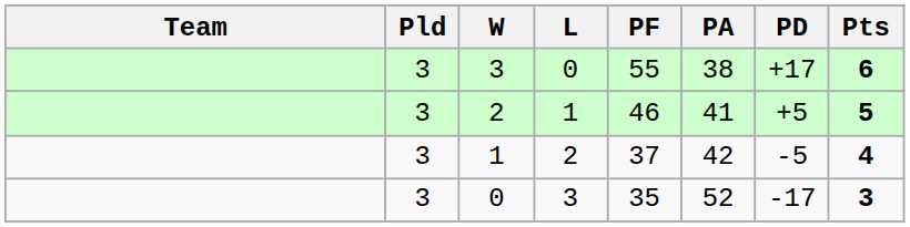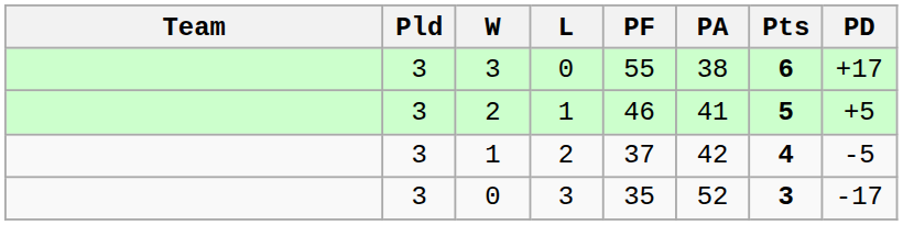 <table class=wikitable style="text-align:center">
 <tr>
 <th width=180>Team</th>
 <th width=30>Pld</th>
 <th width=30>W</th>
 <th width=30>L</th>
 <th width=30>PF</th>
 <th width=30>PA</th>
+<th width=30>Pts</th>
 <th width=30>PD</th>
-<th width=30>Pts</th>
 </tr>
 <tr bgcolor="ccffcc">
 <td align=left></td>
 <td>3</td>
 <td>3</td>
 <td>0</td>
 <td>55</td>
 <td>38</td>
+<td><strong>6</strong></td>
 <td>+17</td>
-<td><strong>6</strong></td>
 </tr>
 <tr bgcolor="ccffcc">
 <td align=left></td>
 <td>3</td>
 <td>2</td>
 <td>1</td>
 <td>46</td>
 <td>41</td>
+<td><strong>5</strong></td>
 <td>+5</td>
-<td><strong>5</strong></td>
 </tr>
 <tr>
 <td align=left></td>
 <td>3</td>
 <td>1</td>
 <td>2</td>
 <td>37</td>
 <td>42</td>
+<td><strong>4</strong></td>
 <td>-5</td>
-<td><strong>4</strong></td>
 </tr>
 <tr>
 <td align=left></td>
 <td>3</td>
 <td>0</td>
 <td>3</td>
 <td>35</td>
 <td>52</td>
+<td><strong>3</strong></td>
 <td>-17</td>
-<td><strong>3</strong></td>
 </tr>
 </table>
